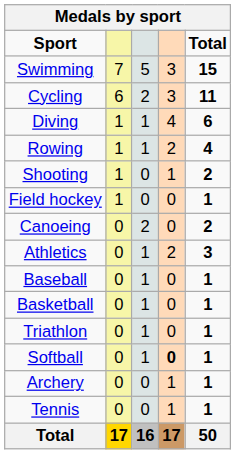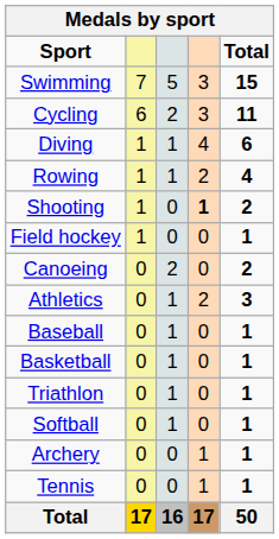 <table class="wikitable" style="font-size:85%; text-align:center; float:right; margin-left:1em">
 <tr>
 <th colspan=7>Medals by sport</th>
 </tr>
 <tr>
 <td><strong>Sport</strong></td>
 <td bgcolor=#f7f6a8></td>
 <td bgcolor=#dce5e5></td>
 <td bgcolor=#ffdab9></td>
 <td><strong>Total</strong></td>
 </tr>
 <tr>
 <td><a href='#'>Swimming</a></td>
 <td style="background:#F7F6A8;">7</td>
 <td style="background:#DCE5E5;">5</td>
 <td style="background:#FFDAB9;">3</td>
 <td><strong>15</strong></td>
 </tr>
 <tr>
 <td><a href='#'>Cycling</a></td>
 <td style="background:#F7F6A8;">6</td>
 <td style="background:#DCE5E5;">2</td>
 <td style="background:#FFDAB9;">3</td>
 <td><strong>11</strong></td>
 </tr>
 <tr>
 <td><a href='#'>Diving</a></td>
 <td style="background:#F7F6A8;">1</td>
 <td style="background:#DCE5E5;">1</td>
 <td style="background:#FFDAB9;">4</td>
 <td><strong>6</strong></td>
 </tr>
 <tr>
 <td><a href='#'>Rowing</a></td>
 <td style="background:#F7F6A8;">1</td>
 <td style="background:#DCE5E5;">1</td>
 <td style="background:#FFDAB9;">2</td>
 <td><strong>4</strong></td>
 </tr>
 <tr>
 <td><a href='#'>Shooting</a></td>
 <td style="background:#F7F6A8;">1</td>
 <td style="background:#DCE5E5;">0</td>
-<td style="background:#FFDAB9;">1</td>
+<td style="background:#FFDAB9;"><strong>1</strong></td>
 <td><strong>2</strong></td>
 </tr>
 <tr>
 <td><a href='#'>Field hockey</a></td>
 <td style="background:#F7F6A8;">1</td>
 <td style="background:#DCE5E5;">0</td>
 <td style="background:#FFDAB9;">0</td>
 <td><strong>1</strong></td>
 </tr>
 <tr>
 <td><a href='#'>Canoeing</a></td>
 <td style="background:#F7F6A8;">0</td>
 <td style="background:#DCE5E5;">2</td>
 <td style="background:#FFDAB9;">0</td>
 <td><strong>2</strong></td>
 </tr>
 <tr>
 <td><a href='#'>Athletics</a></td>
 <td style="background:#F7F6A8;">0</td>
 <td style="background:#DCE5E5;">1</td>
 <td style="background:#FFDAB9;">2</td>
 <td><strong>3</strong></td>
 </tr>
 <tr>
 <td><a href='#'>Baseball</a></td>
 <td style="background:#F7F6A8;">0</td>
 <td style="background:#DCE5E5;">1</td>
 <td style="background:#FFDAB9;">0</td>
 <td><strong>1</strong></td>
 </tr>
 <tr>
 <td><a href='#'>Basketball</a></td>
 <td style="background:#F7F6A8;">0</td>
 <td style="background:#DCE5E5;">1</td>
 <td style="background:#FFDAB9;">0</td>
 <td><strong>1</strong></td>
 </tr>
 <tr>
 <td><a href='#'>Triathlon</a></td>
 <td style="background:#F7F6A8;">0</td>
 <td style="background:#DCE5E5;">1</td>
 <td style="background:#FFDAB9;">0</td>
 <td><strong>1</strong></td>
 </tr>
 <tr>
 <td><a href='#'>Softball</a></td>
 <td style="background:#F7F6A8;">0</td>
 <td style="background:#DCE5E5;">1</td>
-<td style="background:#FFDAB9;"><strong>0</strong></td>
+<td style="background:#FFDAB9;">0</td>
 <td><strong>1</strong></td>
 </tr>
 <tr>
 <td><a href='#'>Archery</a></td>
 <td style="background:#F7F6A8;">0</td>
 <td style="background:#DCE5E5;">0</td>
 <td style="background:#FFDAB9;">1</td>
 <td><strong>1</strong></td>
 </tr>
 <tr>
 <td><a href='#'>Tennis</a></td>
 <td style="background:#F7F6A8;">0</td>
 <td style="background:#DCE5E5;">0</td>
 <td style="background:#FFDAB9;">1</td>
 <td><strong>1</strong></td>
 </tr>
 <tr>
 <th>Total</th>
 <th style="background:gold;">17</th>
 <th style="background:silver;">16</th>
 <th style="background:#c96;">17</th>
 <th>50</th>
 </tr>
 </table>
